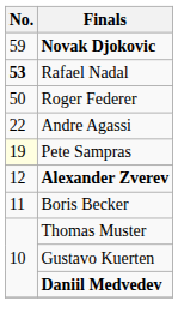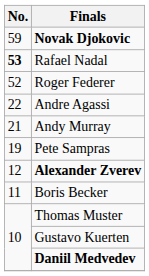 <table class="wikitable" style="display: inline-table;">
 <tr>
 <th width=20>No.</th>
 <th>Finals</th>
 </tr>
 <tr>
 <td>59</td>
 <td> <strong>Novak Djokovic</strong></td>
 </tr>
 <tr>
 <td><strong>53</strong></td>
 <td> Rafael Nadal</td>
 </tr>
 <tr>
-<td>50</td>
+<td>52</td>
 <td> Roger Federer</td>
 </tr>
 <tr>
 <td>22</td>
 <td> Andre Agassi</td>
 </tr>
 <tr>
-<td style="background: lightyellow;">19</td>
+<td>21</td>
+<td> Andy Murray</td>
+</tr>
+<tr>
+<td>19</td>
 <td> Pete Sampras</td>
 </tr>
 <tr>
 <td>12</td>
 <td> <strong>Alexander Zverev</strong></td>
 </tr>
 <tr>
 <td>11</td>
 <td> Boris Becker</td>
 </tr>
 <tr>
 <td rowspan="3">10</td>
 <td> Thomas Muster</td>
 </tr>
 <tr>
 <td> Gustavo Kuerten</td>
 </tr>
 <tr>
 <td> <strong>Daniil Medvedev</strong></td>
 </tr>
 <tr>
 </tr>
 </table>
